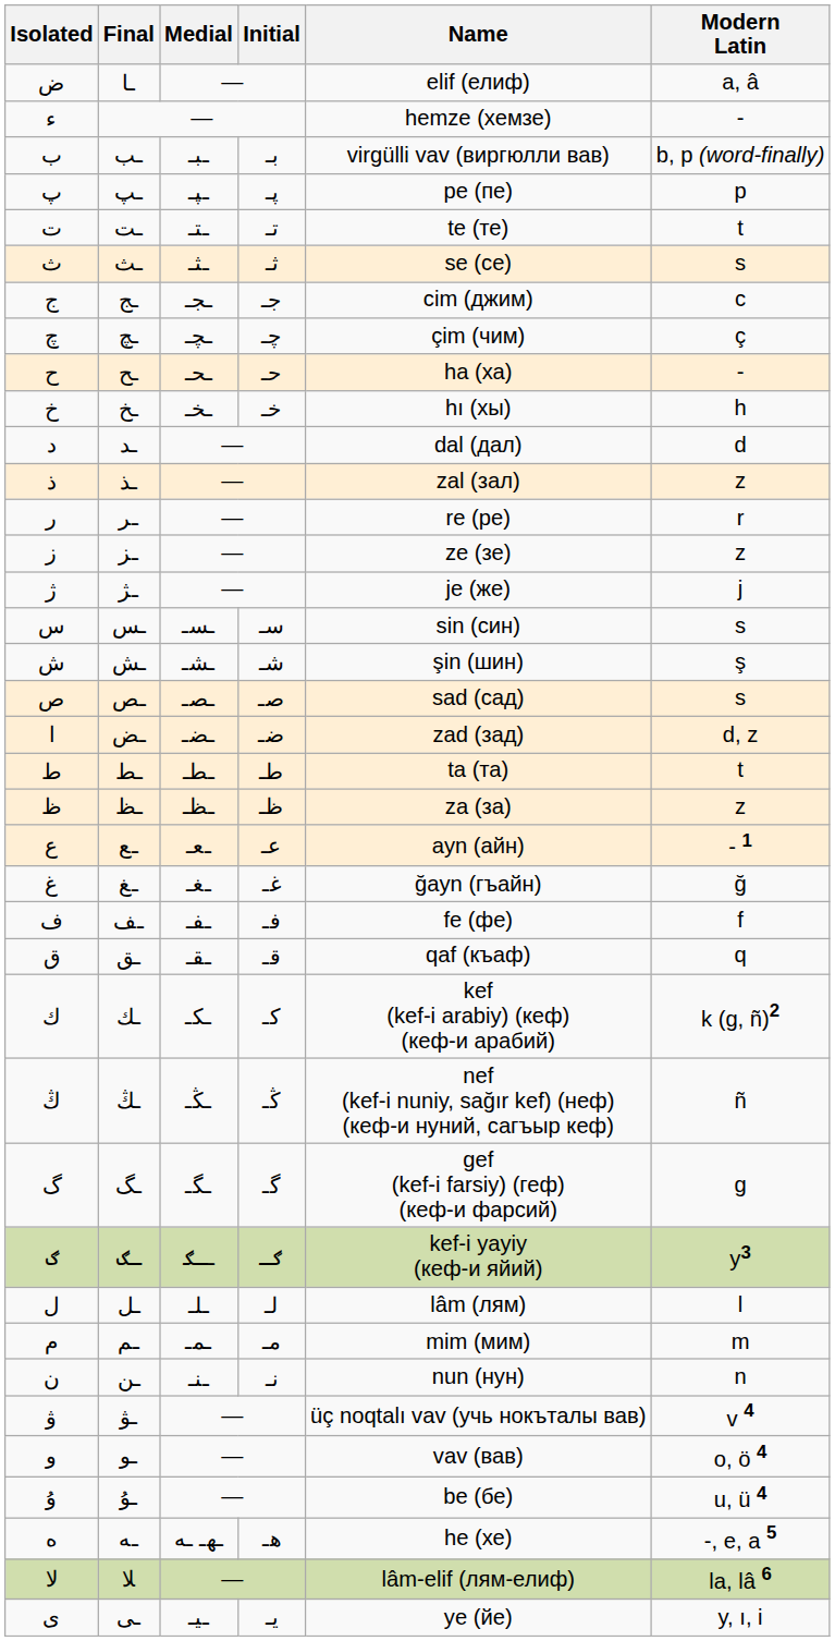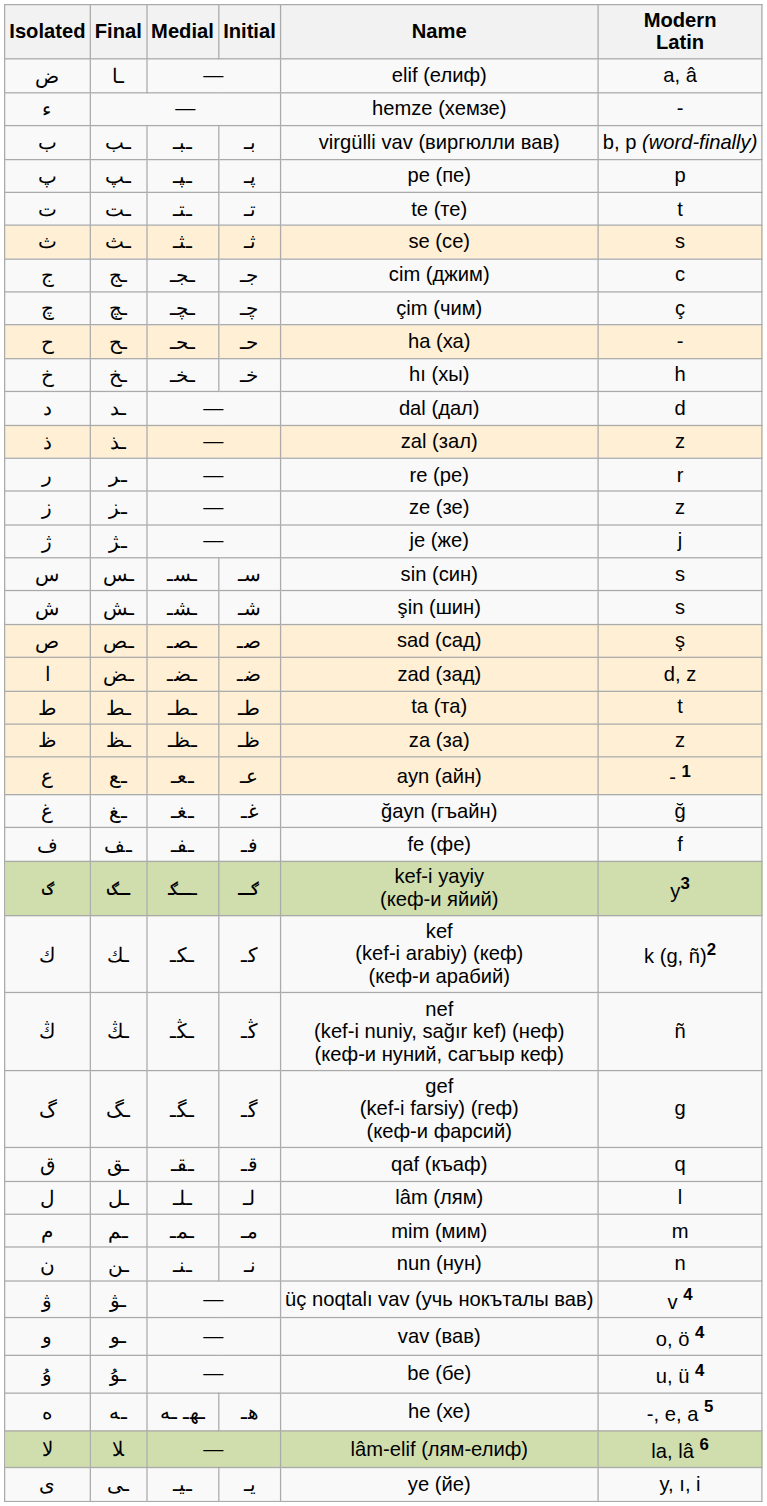 <table class="wikitable">
 <tr>
 <th>Isolated</th>
 <th>Final</th>
 <th>Medial</th>
 <th>Initial</th>
 <th>Name</th>
 <th>Modern<br>Latin</th>
 </tr>
 <tr style="text-align:center;">
 <td><span>ض</span></td>
 <td><span>ـا</span></td>
 <td colspan="2">—</td>
 <td>elif (елиф)</td>
 <td>a, â</td>
 </tr>
 <tr style="text-align:center;">
 <td><span>ﺀ</span></td>
 <td colspan="3">—</td>
 <td>hemze (хемзе)</td>
 <td>-</td>
 </tr>
 <tr style="text-align:center;">
 <td><span>ب</span></td>
 <td><span>ـب</span></td>
 <td><span>ـبـ</span></td>
 <td><span>بـ</span></td>
 <td>virgülli vav (виргюлли вав)</td>
 <td>b, p <em>(word-finally)</em></td>
 </tr>
 <tr style="text-align:center;">
 <td><span>پ</span></td>
 <td><span>ـپ</span></td>
 <td><span>ـپـ</span></td>
 <td><span>پـ</span></td>
 <td>pe (пе)</td>
 <td>p</td>
 </tr>
 <tr style="text-align:center;">
 <td><span>ت</span></td>
 <td><span>ـت</span></td>
 <td><span>ـتـ</span></td>
 <td><span>تـ</span></td>
 <td>te (те)</td>
 <td>t</td>
 </tr>
 <tr style="text-align:center;" bgcolor="#FFEFD5">
 <td><span>ث</span></td>
 <td><span>ـث</span></td>
 <td><span>ـثـ</span></td>
 <td><span>ثـ</span></td>
 <td>se (се)</td>
 <td>s</td>
 </tr>
 <tr style="text-align:center;">
 <td><span>ج</span></td>
 <td><span>ـج</span></td>
 <td><span>ـجـ</span></td>
 <td><span>جـ</span></td>
 <td>cim (джим)</td>
 <td>c</td>
 </tr>
 <tr style="text-align:center;">
 <td><span>چ</span></td>
 <td><span>ـچ</span></td>
 <td><span>ـچـ</span></td>
 <td><span>چـ</span></td>
 <td>çim (чим)</td>
 <td>ç</td>
 </tr>
 <tr style="text-align:center;" bgcolor="#FFEFD5">
 <td><span>ﺡ</span></td>
 <td><span>ـح</span></td>
 <td><span>ـحـ</span></td>
 <td><span>حـ</span></td>
 <td>ha (ха)</td>
 <td>-</td>
 </tr>
 <tr style="text-align:center;">
 <td><span>ﺥ</span></td>
 <td><span>ـخ</span></td>
 <td><span>ـخـ</span></td>
 <td><span>خـ</span></td>
 <td>hı (хы)</td>
 <td>h</td>
 </tr>
 <tr style="text-align:center;">
 <td><span>د</span></td>
 <td><span>ـد</span></td>
 <td colspan="2">—</td>
 <td>dal (дал)</td>
 <td>d</td>
 </tr>
 <tr style="text-align:center;" bgcolor="#FFEFD5">
 <td><span>ذ</span></td>
 <td><span>ـذ</span></td>
 <td colspan="2">—</td>
 <td>zal (зал)</td>
 <td>z</td>
 </tr>
 <tr style="text-align:center;">
 <td><span>ر</span></td>
 <td><span>ـر</span></td>
 <td colspan="2">—</td>
 <td>re (ре)</td>
 <td>r</td>
 </tr>
 <tr style="text-align:center;">
 <td><span>ز</span></td>
 <td><span>ـز</span></td>
 <td colspan="2">—</td>
 <td>ze (зе)</td>
 <td>z</td>
 </tr>
 <tr style="text-align:center;">
 <td><span>ژ</span></td>
 <td><span>ـژ</span></td>
 <td colspan="2">—</td>
 <td>je (же)</td>
 <td>j</td>
 </tr>
 <tr style="text-align:center;">
 <td><span>س</span></td>
 <td><span>ـس</span></td>
 <td><span>ـسـ</span></td>
 <td><span>سـ</span></td>
 <td>sin (син)</td>
 <td>s</td>
 </tr>
 <tr style="text-align:center;">
 <td><span>ش</span></td>
 <td><span>ـش</span></td>
 <td><span>ـشـ</span></td>
 <td><span>شـ</span></td>
 <td>şin (шин)</td>
-<td>ş</td>
+<td>s</td>
 </tr>
 <tr style="text-align:center;" bgcolor="#FFEFD5">
 <td><span>ص</span></td>
 <td><span>ـص</span></td>
 <td><span>ـصـ</span></td>
 <td><span>صـ</span></td>
 <td>sad (сад)</td>
-<td>s</td>
+<td>ş</td>
 </tr>
 <tr style="text-align:center;" bgcolor="#FFEFD5">
 <td><span>ا</span></td>
 <td><span>ـض</span></td>
 <td><span>ـضـ</span></td>
 <td><span>ضـ</span></td>
 <td>zad (зад)</td>
 <td>d, z</td>
 </tr>
 <tr style="text-align:center;" bgcolor="#FFEFD5">
 <td><span>ط</span></td>
 <td><span>ـط</span></td>
 <td><span>ـطـ</span></td>
 <td><span>طـ</span></td>
 <td>ta (та)</td>
 <td>t</td>
 </tr>
 <tr style="text-align:center;" bgcolor="#FFEFD5">
 <td><span>ظ</span></td>
 <td><span>ـظ</span></td>
 <td><span>ـظـ</span></td>
 <td><span>ظـ</span></td>
 <td>za (за)</td>
 <td>z</td>
 </tr>
 <tr style="text-align:center;" bgcolor="#FFEFD5">
 <td><span>ع</span></td>
 <td><span>ـع</span></td>
 <td><span>ـعـ</span></td>
 <td><span>عـ</span></td>
 <td>ayn (айн)</td>
 <td>- <strong><sup>1</sup></strong></td>
 </tr>
 <tr style="text-align:center;">
 <td><span>غ</span></td>
 <td><span>ـغ</span></td>
 <td><span>ـغـ</span></td>
 <td><span>غـ</span></td>
 <td>ğayn (гъайн)</td>
 <td>ğ</td>
 </tr>
 <tr style="text-align:center;">
 <td><span>ف</span></td>
 <td><span>ـف</span></td>
 <td><span>ـفـ</span></td>
 <td><span>فـ</span></td>
 <td>fe (фе)</td>
 <td>f</td>
 </tr>
-<tr style="text-align:center;">
-<td><span>ق</span></td>
-<td><span>ـق</span></td>
-<td><span>ـقـ</span></td>
-<td><span>قـ</span></td>
-<td>qaf (къаф)</td>
-<td>q</td>
+<tr style="text-align:center;" bgcolor="#d0dead">
+<td><span>ࢰ‎</span></td>
+<td><span>ـࢰ‎</span></td>
+<td><span>ـࢰ‎ـ</span></td>
+<td><span>ࢰـ</span></td>
+<td>kef-i yayiy<br>(кеф-и яйий)</td>
+<td>y<strong><sup>3</sup></strong></td>
 </tr>
 <tr style="text-align:center;">
 <td><span>ك</span></td>
 <td><span>ـك</span></td>
 <td><span>ـكـ</span></td>
 <td><span>كـ</span></td>
 <td>kef<br>(kef-i arabiy) (кеф)<br>(кеф-и арабий)</td>
 <td>k (g, ñ)<strong><sup>2</sup></strong></td>
 </tr>
 <tr style="text-align:center;">
 <td><span>ڭ</span></td>
 <td><span>ـڭ</span></td>
 <td><span>ـڭـ</span></td>
 <td><span>ڭـ</span></td>
 <td>nef<br>(kef-i nuniy, sağır kef) (неф)<br>(кеф-и нуний, сагъыр кеф)</td>
 <td>ñ</td>
 </tr>
 <tr style="text-align:center;">
 <td><span>گ</span></td>
 <td><span>ـگ</span></td>
 <td><span>ـگـ</span></td>
 <td><span>گـ</span></td>
 <td>gef<br>(kef-i farsiy) (геф)<br>(кеф-и фарсий)</td>
 <td>g</td>
 </tr>
-<tr style="text-align:center;" bgcolor="#d0dead">
-<td><span>ࢰ‎</span></td>
-<td><span>ـࢰ‎</span></td>
-<td><span>ـࢰ‎ـ</span></td>
-<td><span>ࢰـ</span></td>
-<td>kef-i yayiy<br>(кеф-и яйий)</td>
-<td>y<strong><sup>3</sup></strong></td>
+<tr style="text-align:center;">
+<td><span>ق</span></td>
+<td><span>ـق</span></td>
+<td><span>ـقـ</span></td>
+<td><span>قـ</span></td>
+<td>qaf (къаф)</td>
+<td>q</td>
 </tr>
 <tr style="text-align:center;">
 <td><span>ل</span></td>
 <td><span>ـل</span></td>
 <td><span>ـلـ</span></td>
 <td><span>لـ</span></td>
 <td>lâm (лям)</td>
 <td>l</td>
 </tr>
 <tr style="text-align:center;">
 <td><span>م</span></td>
 <td><span>ـم</span></td>
 <td><span>ـمـ</span></td>
 <td><span>مـ</span></td>
 <td>mim (мим)</td>
 <td>m</td>
 </tr>
 <tr style="text-align:center;">
 <td><span>ن</span></td>
 <td><span>ـن</span></td>
 <td><span>ـنـ</span></td>
 <td><span>نـ</span></td>
 <td>nun (нун)</td>
 <td>n</td>
 </tr>
 <tr style="text-align:center;">
 <td><span>ۋ</span></td>
 <td><span>ـۋ</span></td>
 <td colspan="2">—</td>
 <td>üç noqtalı vav (учь нокъталы вав)</td>
 <td>v <strong><sup>4</sup></strong></td>
 </tr>
 <tr style="text-align:center;">
 <td><span>و</span></td>
 <td><span>ـو</span></td>
 <td colspan="2">—</td>
 <td>vav (вав)</td>
 <td>o, ö <strong><sup>4</sup></strong></td>
 </tr>
 <tr style="text-align:center;">
 <td><span>ۇ</span></td>
 <td><span>ـۇ</span></td>
 <td colspan="2">—</td>
 <td>be (бе)</td>
 <td>u, ü <strong><sup>4</sup></strong></td>
 </tr>
 <tr style="text-align:center;">
 <td><span>ﻩ</span></td>
 <td><span>ـه</span></td>
 <td><span>ـهـ ـه‌</span></td>
 <td><span>هـ</span></td>
 <td>he (хе)</td>
 <td>-, e, a <strong><sup>5</sup></strong></td>
 </tr>
 <tr style="text-align:center;" bgcolor="#d0dead">
 <td><span>ﻻ</span></td>
 <td><span>ﻼ</span></td>
 <td colspan="2">—</td>
 <td>lâm-elif (лям-елиф)</td>
 <td>la, lâ <strong><sup>6</sup></strong></td>
 </tr>
 <tr style="text-align:center;">
 <td><span>ی</span></td>
 <td><span>ـی</span></td>
 <td><span>ـیـ</span></td>
 <td><span>یـ</span></td>
 <td>ye (йе)</td>
 <td>y, ı, i</td>
 </tr>
 </table>
